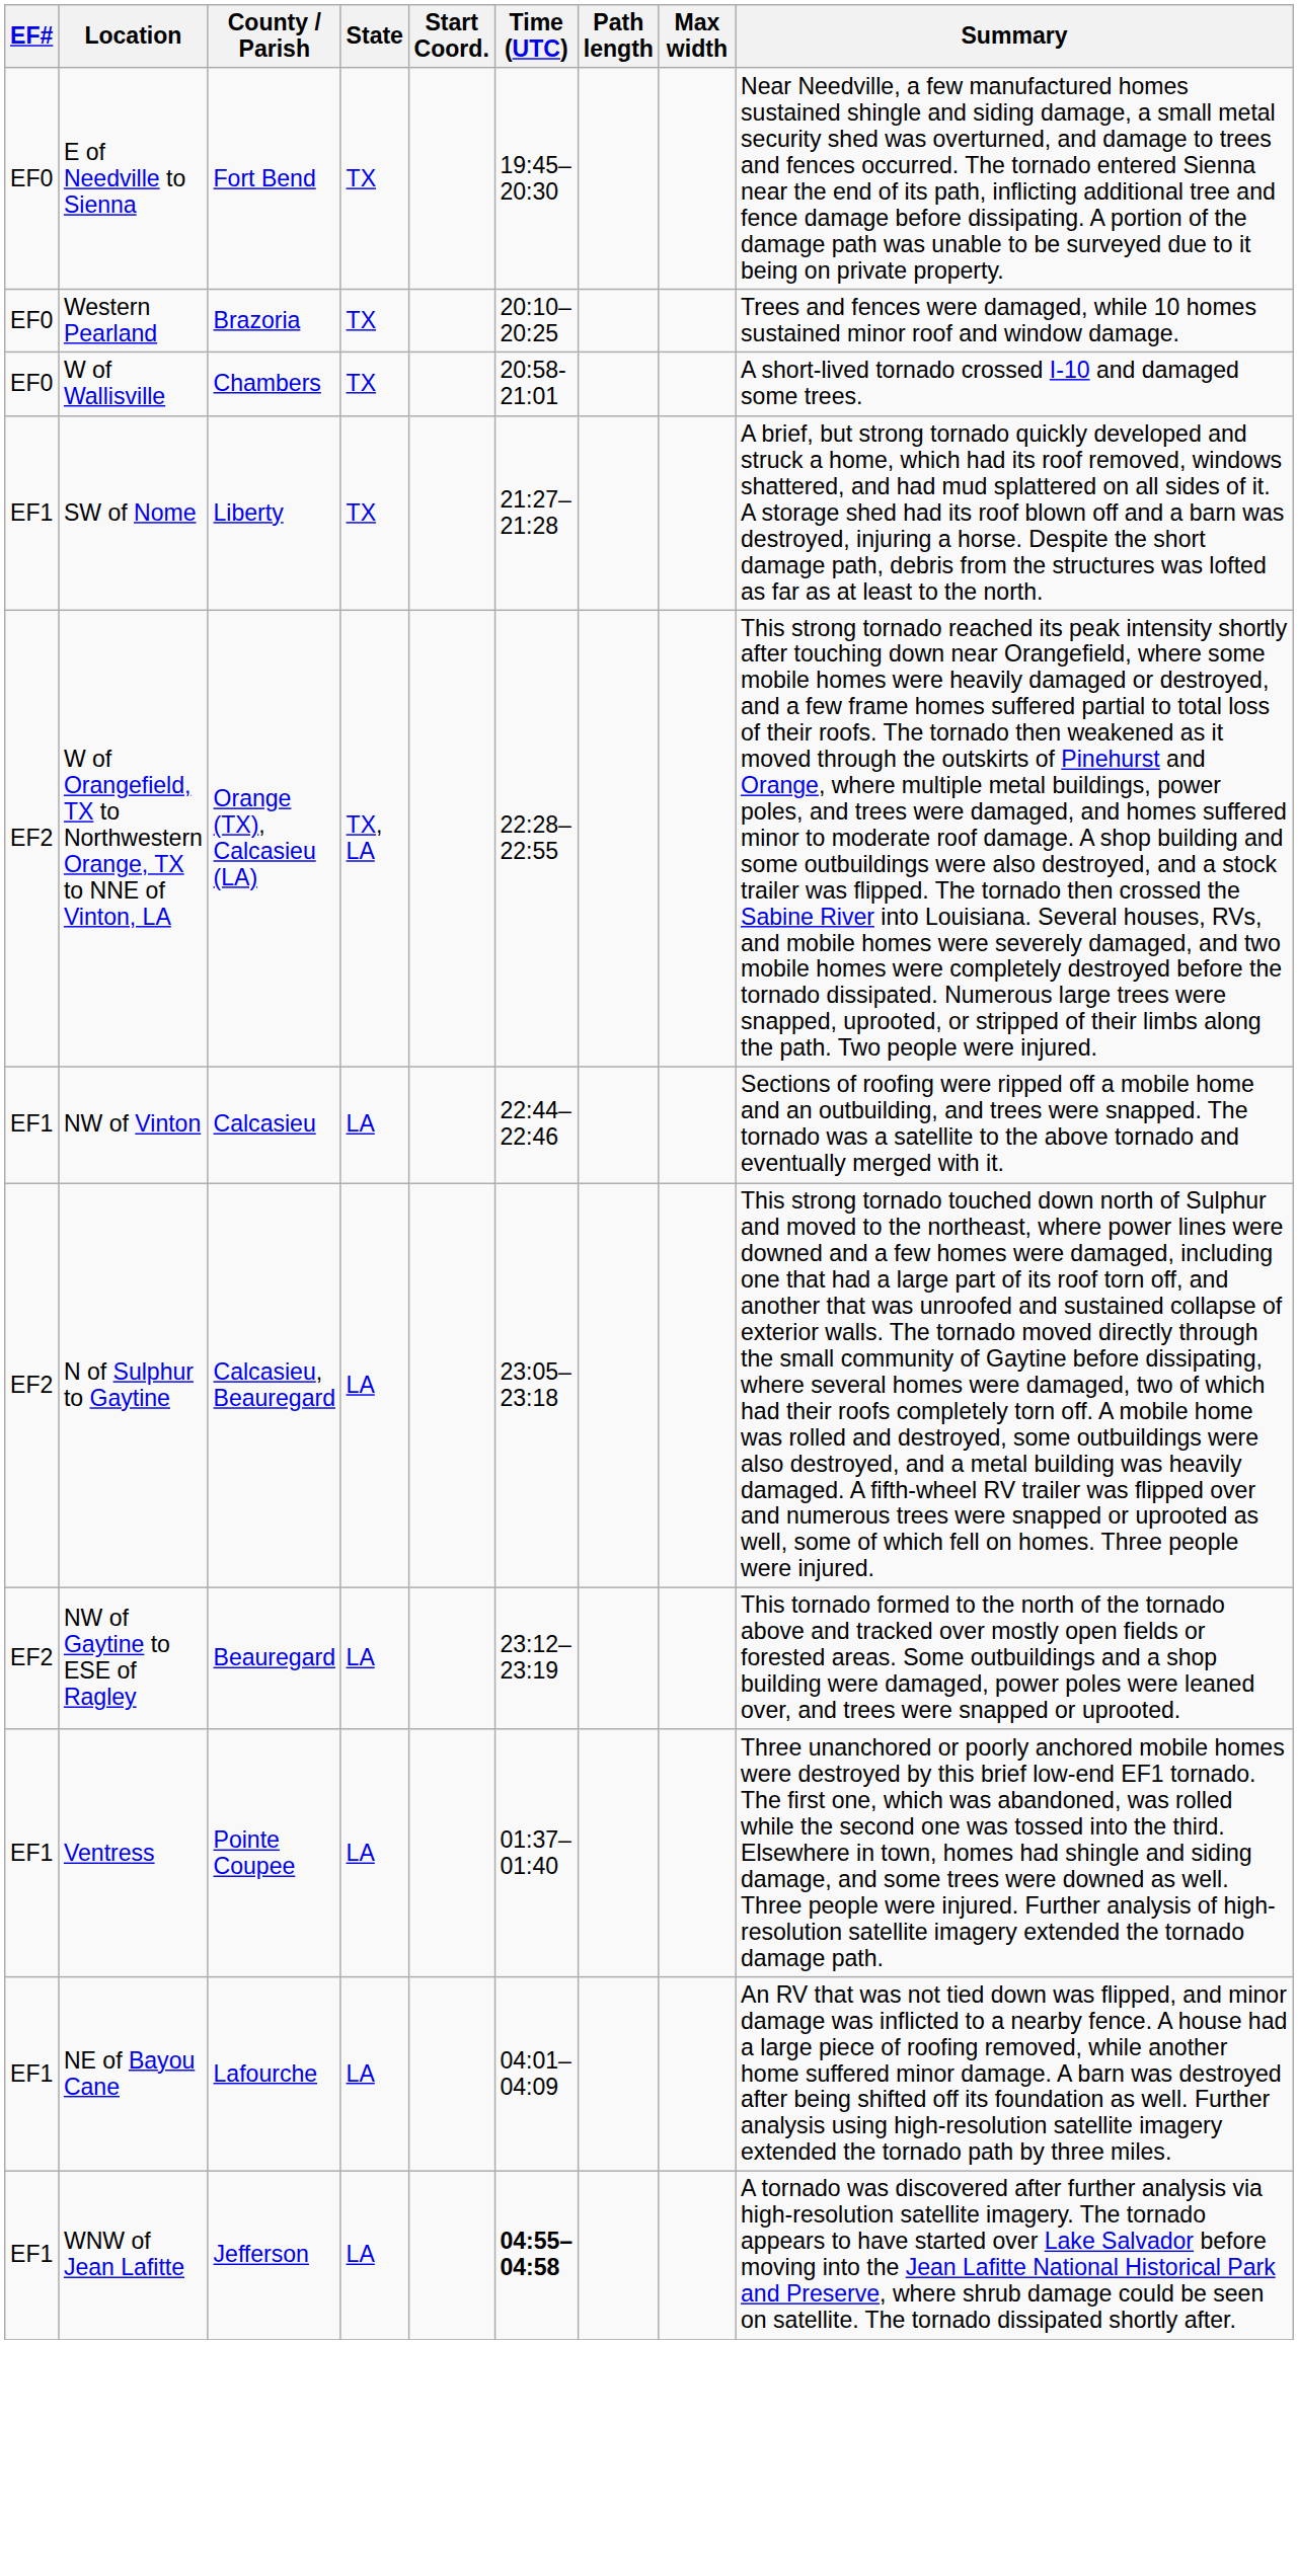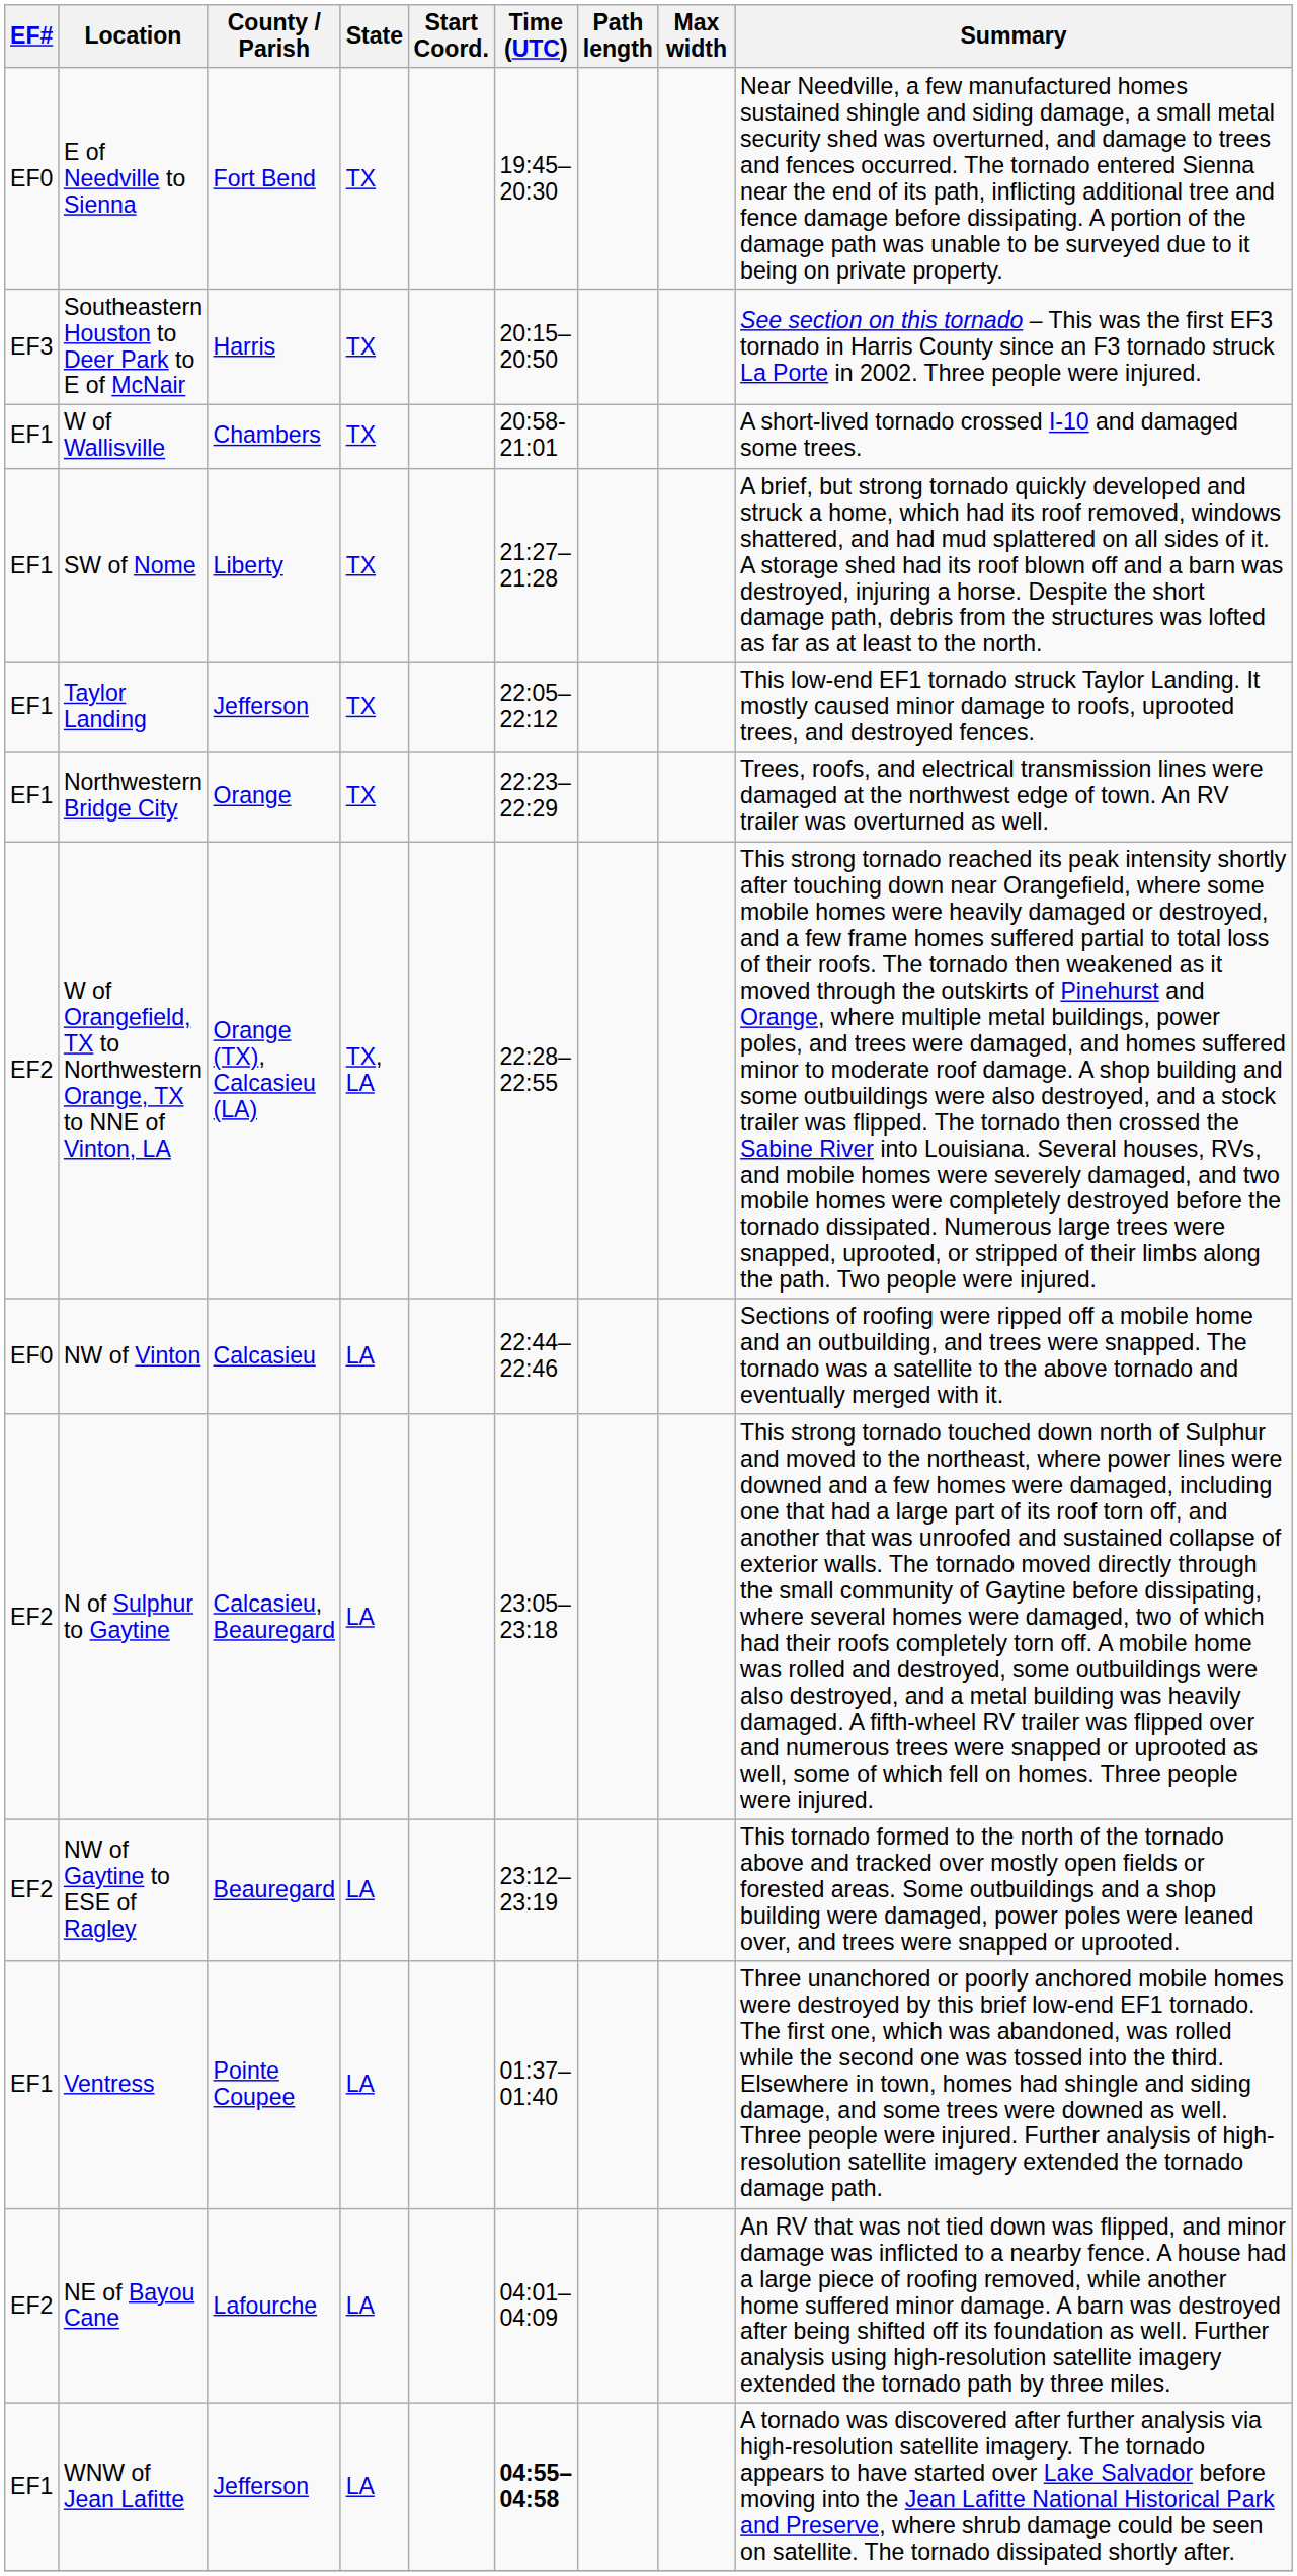 <table class="wikitable sortable" style="width:100%;">
 <tr>
 <th scope="col"  style="width:3%; text-align:center;"><a href='#'>EF#</a></th>
 <th scope="col"  style="width:7%; text-align:center;" class="unsortable">Location</th>
 <th scope="col"  style="width:6%; text-align:center;" class="unsortable">County / Parish</th>
 <th scope="col"  style="width:5%; text-align:center;">State</th>
 <th scope="col"  style="width:6%; text-align:center;">Start Coord.</th>
 <th scope="col"  style="width:6%; text-align:center;">Time (<a href='#'>UTC</a>)</th>
 <th scope="col"  style="width:6%; text-align:center;">Path length</th>
 <th scope="col"  style="width:6%; text-align:center;">Max width</th>
 <th scope="col" class="unsortable" style="width:48%; text-align:center;">Summary</th>
 </tr>
 <tr>
 <td>EF0</td>
 <td>E of <a href='#'>Needville</a> to <a href='#'>Sienna</a></td>
 <td><a href='#'>Fort Bend</a></td>
 <td><a href='#'>TX</a></td>
 <td></td>
 <td>19:45–20:30</td>
 <td></td>
 <td></td>
 <td>Near Needville, a few manufactured homes sustained shingle and siding damage, a small metal security shed was overturned, and damage to trees and fences occurred. The tornado entered Sienna near the end of its path, inflicting additional tree and fence damage before dissipating. A portion of the damage path was unable to be surveyed due to it being on private property.</td>
 </tr>
 <tr>
-<td>EF0</td>
-<td>Western <a href='#'>Pearland</a></td>
-<td><a href='#'>Brazoria</a></td>
+<td>EF3</td>
+<td>Southeastern <a href='#'>Houston</a> to <a href='#'>Deer Park</a> to E of <a href='#'>McNair</a></td>
+<td><a href='#'>Harris</a></td>
 <td><a href='#'>TX</a></td>
 <td></td>
-<td>20:10–20:25</td>
+<td>20:15–20:50</td>
 <td></td>
 <td></td>
-<td>Trees and fences were damaged, while 10 homes sustained minor roof and window damage.</td>
+<td><em><a href='#'>See section on this tornado</a></em> – This was the first EF3 tornado in Harris County since an F3 tornado struck <a href='#'>La Porte</a> in 2002. Three people were injured.</td>
 </tr>
 <tr>
-<td>EF0</td>
+<td>EF1</td>
 <td>W of <a href='#'>Wallisville</a></td>
 <td><a href='#'>Chambers</a></td>
 <td><a href='#'>TX</a></td>
 <td></td>
 <td>20:58-21:01</td>
 <td></td>
 <td></td>
 <td>A short-lived tornado crossed <a href='#'>I-10</a> and damaged some trees.</td>
 </tr>
 <tr>
 <td>EF1</td>
 <td>SW of <a href='#'>Nome</a></td>
 <td><a href='#'>Liberty</a></td>
 <td><a href='#'>TX</a></td>
 <td></td>
 <td>21:27–21:28</td>
 <td></td>
 <td></td>
 <td>A brief, but strong tornado quickly developed and struck a home, which had its roof removed, windows shattered, and had mud splattered on all sides of it. A storage shed had its roof blown off and a barn was destroyed, injuring a horse. Despite the short damage path, debris from the structures was lofted as far as at least  to the north.</td>
 </tr>
 <tr>
+<td>EF1</td>
+<td><a href='#'>Taylor Landing</a></td>
+<td><a href='#'>Jefferson</a></td>
+<td><a href='#'>TX</a></td>
+<td></td>
+<td>22:05–22:12</td>
+<td></td>
+<td></td>
+<td>This low-end EF1 tornado struck Taylor Landing. It mostly caused minor damage to roofs, uprooted trees, and destroyed fences.</td>
+</tr>
+<tr>
+<td>EF1</td>
+<td>Northwestern <a href='#'>Bridge City</a></td>
+<td><a href='#'>Orange</a></td>
+<td><a href='#'>TX</a></td>
+<td></td>
+<td>22:23–22:29</td>
+<td></td>
+<td></td>
+<td>Trees, roofs, and electrical transmission lines were damaged at the northwest edge of town. An RV trailer was overturned as well.</td>
+</tr>
+<tr>
 <td>EF2</td>
 <td>W of <a href='#'>Orangefield, TX</a> to Northwestern <a href='#'>Orange, TX</a> to NNE of <a href='#'>Vinton, LA</a></td>
 <td><a href='#'>Orange (TX)</a>, <a href='#'>Calcasieu (LA)</a></td>
 <td><a href='#'>TX</a>, <a href='#'>LA</a></td>
 <td></td>
 <td>22:28–22:55</td>
 <td></td>
 <td></td>
 <td>This strong tornado reached its peak intensity shortly after touching down near Orangefield, where some mobile homes were heavily damaged or destroyed, and a few frame homes suffered partial to total loss of their roofs. The tornado then weakened as it moved through the outskirts of <a href='#'>Pinehurst</a> and <a href='#'>Orange</a>, where multiple metal buildings, power poles, and trees were damaged, and homes suffered minor to moderate roof damage. A shop building and some outbuildings were also destroyed, and a stock trailer was flipped. The tornado then crossed the <a href='#'>Sabine River</a> into Louisiana. Several houses, RVs, and mobile homes were severely damaged, and two mobile homes were completely destroyed before the tornado dissipated. Numerous large trees were snapped, uprooted, or stripped of their limbs along the path. Two people were injured.</td>
 </tr>
 <tr>
-<td>EF1</td>
+<td>EF0</td>
 <td>NW of <a href='#'>Vinton</a></td>
 <td><a href='#'>Calcasieu</a></td>
 <td><a href='#'>LA</a></td>
 <td></td>
 <td>22:44–22:46</td>
 <td></td>
 <td></td>
 <td>Sections of roofing were ripped off a mobile home and an outbuilding, and trees were snapped. The tornado was a satellite to the above tornado and eventually merged with it.</td>
 </tr>
 <tr>
 <td>EF2</td>
 <td>N of <a href='#'>Sulphur</a> to <a href='#'>Gaytine</a></td>
 <td><a href='#'>Calcasieu</a>, <a href='#'>Beauregard</a></td>
 <td><a href='#'>LA</a></td>
 <td></td>
 <td>23:05–23:18</td>
 <td></td>
 <td></td>
 <td>This strong tornado touched down north of Sulphur and moved to the northeast, where power lines were downed and a few homes were damaged, including one that had a large part of its roof torn off, and another that was unroofed and sustained collapse of exterior walls. The tornado moved directly through the small community of Gaytine before dissipating, where several homes were damaged, two of which had their roofs completely torn off. A mobile home was rolled and destroyed, some outbuildings were also destroyed, and a metal building was heavily damaged. A fifth-wheel RV trailer was flipped over and numerous trees were snapped or uprooted as well, some of which fell on homes. Three people were injured.</td>
 </tr>
 <tr>
 <td>EF2</td>
 <td>NW of <a href='#'>Gaytine</a> to ESE of <a href='#'>Ragley</a></td>
 <td><a href='#'>Beauregard</a></td>
 <td><a href='#'>LA</a></td>
 <td></td>
 <td>23:12–23:19</td>
 <td></td>
 <td></td>
 <td>This tornado formed to the north of the tornado above and tracked over mostly open fields or forested areas. Some outbuildings and a shop building were damaged, power poles were leaned over, and trees were snapped or uprooted.</td>
 </tr>
 <tr>
 <td>EF1</td>
 <td><a href='#'>Ventress</a></td>
 <td><a href='#'>Pointe Coupee</a></td>
 <td><a href='#'>LA</a></td>
 <td></td>
 <td>01:37–01:40</td>
 <td></td>
 <td></td>
 <td>Three unanchored or poorly anchored mobile homes were destroyed by this brief low-end EF1 tornado. The first one, which was abandoned, was rolled while the second one was tossed into the third. Elsewhere in town, homes had shingle and siding damage, and some trees were downed as well. Three people were injured. Further analysis of high-resolution satellite imagery extended the tornado damage path.</td>
 </tr>
 <tr>
-<td>EF1</td>
+<td>EF2</td>
 <td>NE of <a href='#'>Bayou Cane</a></td>
 <td><a href='#'>Lafourche</a></td>
 <td><a href='#'>LA</a></td>
 <td></td>
 <td>04:01–04:09</td>
 <td></td>
 <td></td>
 <td>An RV that was not tied down was flipped, and minor damage was inflicted to a nearby fence. A house had a large piece of roofing removed, while another home suffered minor damage. A barn was destroyed after being shifted off its foundation as well. Further analysis using high-resolution satellite imagery extended the tornado path by three miles.</td>
 </tr>
 <tr>
 <td>EF1</td>
 <td>WNW of <a href='#'>Jean Lafitte</a></td>
 <td><a href='#'>Jefferson</a></td>
 <td><a href='#'>LA</a></td>
 <td></td>
 <td><strong>04:55–04:58</strong></td>
 <td></td>
 <td></td>
 <td>A tornado was discovered after further analysis via high-resolution satellite imagery. The tornado appears to have started over <a href='#'>Lake Salvador</a> before moving into the <a href='#'>Jean Lafitte National Historical Park and Preserve</a>, where shrub damage could be seen on satellite. The tornado dissipated shortly after.</td>
 </tr>
 <tr>
 </tr>
 </table>
